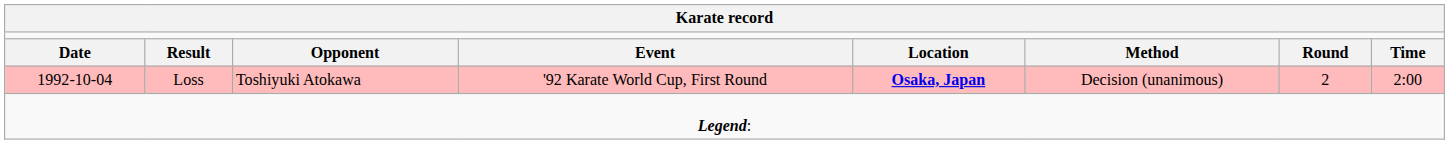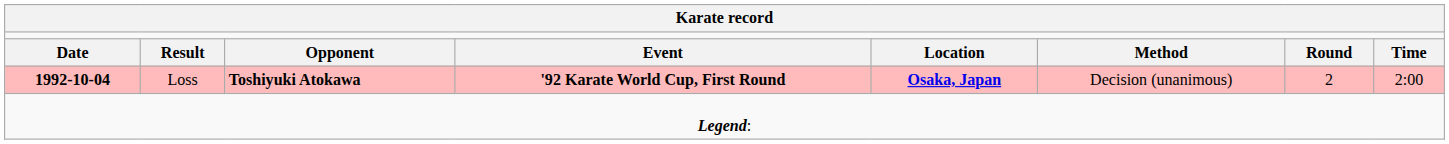 <table class="wikitable collapsible"  style="width:100%; font-size:88%; text-align:center;">
 <tr>
 <th colspan=9>Karate record</th>
 </tr>
 <tr valign="top">
 <td colspan=9></td>
 </tr>
 <tr>
 <th>Date</th>
 <th>Result</th>
 <th>Opponent</th>
 <th>Event</th>
 <th>Location</th>
 <th>Method</th>
 <th>Round</th>
 <th>Time</th>
 </tr>
 <tr style="background:#fbb;">
-<td>1992-10-04</td>
+<td><strong>1992-10-04</strong></td>
 <td>Loss</td>
-<td align=left> Toshiyuki Atokawa</td>
-<td>'92 Karate World Cup, First Round</td>
+<td align=left><strong> Toshiyuki Atokawa</strong></td>
+<td><strong>'92 Karate World Cup, First Round</strong></td>
 <td><strong><a href='#'>Osaka, Japan</a></strong></td>
 <td>Decision (unanimous)</td>
 <td>2</td>
 <td>2:00</td>
 </tr>
 <tr>
 <td colspan=9><br><strong><em>Legend</em></strong>:    </td>
 </tr>
 </table>
